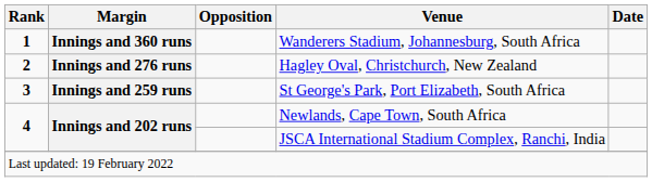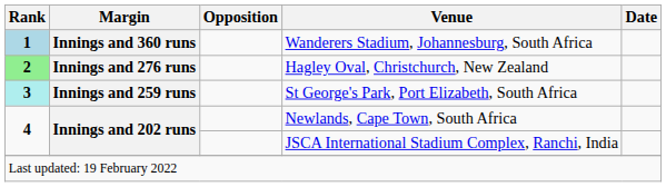 <table class="wikitable plainrowheaders sortable">
 <tr>
 <th scope=col>Rank</th>
 <th scope=col>Margin</th>
 <th scope=col>Opposition</th>
 <th scope=col>Venue</th>
 <th scope=col>Date</th>
 </tr>
 <tr>
-<td align=center><strong>1</strong></td>
+<td align=center style="background: lightblue;"><strong>1</strong></td>
 <th scope=row style="text-align:center;">Innings and 360 runs</th>
 <td></td>
 <td><a href='#'>Wanderers Stadium</a>, <a href='#'>Johannesburg</a>, South Africa</td>
 <td></td>
 </tr>
 <tr>
-<td align=center><strong>2</strong></td>
+<td align=center style="background: lightgreen;"><strong>2</strong></td>
 <th scope=row style=text-align:center;>Innings and 276 runs</th>
 <td></td>
 <td><a href='#'>Hagley Oval</a>, <a href='#'>Christchurch</a>, New Zealand</td>
 <td></td>
 </tr>
 <tr>
-<td align=center><strong>3</strong></td>
+<td align=center style="background: paleturquoise;"><strong>3</strong></td>
 <th scope=row style=text-align:center;>Innings and 259 runs</th>
 <td></td>
 <td><a href='#'>St George's Park</a>, <a href='#'>Port Elizabeth</a>, South Africa</td>
 <td></td>
 </tr>
 <tr>
 <td align=center rowspan=2><strong>4</strong></td>
 <th scope=row style=text-align:center; rowspan=2>Innings and 202 runs</th>
 <td></td>
 <td><a href='#'>Newlands</a>, <a href='#'>Cape Town</a>, South Africa</td>
 <td></td>
 </tr>
 <tr>
 <td></td>
 <td><a href='#'>JSCA International Stadium Complex</a>, <a href='#'>Ranchi</a>, India</td>
 <td></td>
 </tr>
 <tr>
 </tr>
 <tr class=sortbottom>
 <td colspan=5><small>Last updated: 19 February 2022</small></td>
 </tr>
 </table>
